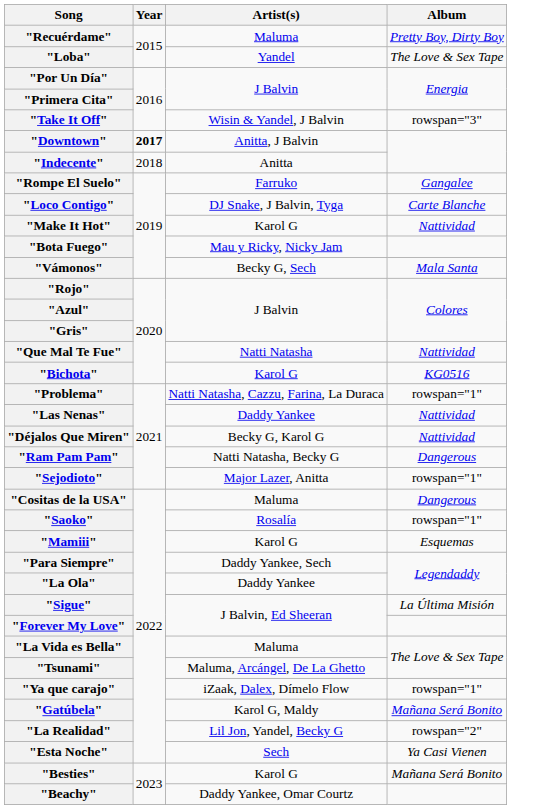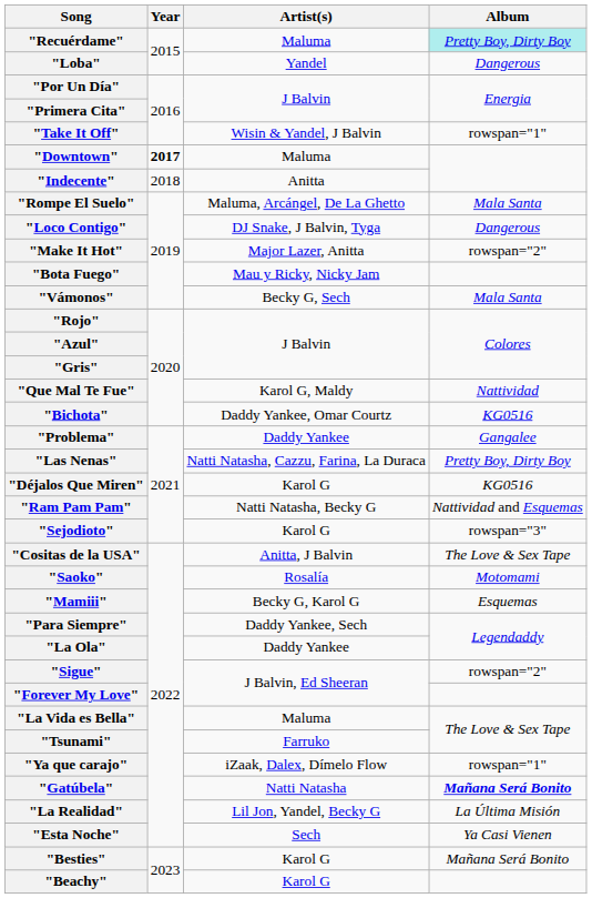 <table class="wikitable plainrowheaders" style="text-align:center;">
 <tr>
 <th scope="col">Song</th>
 <th scope="col">Year</th>
 <th scope="col">Artist(s)</th>
 <th scope="col">Album</th>
 </tr>
 <tr>
 <th scope="row">"Recuérdame"</th>
 <td rowspan="2">2015</td>
 <td><a href='#'>Maluma</a></td>
-<td><em><a href='#'>Pretty Boy, Dirty Boy</a></em></td>
+<td style="background: paleturquoise;"><em><a href='#'>Pretty Boy, Dirty Boy</a></em></td>
 </tr>
 <tr>
 <th scope="row">"Loba"</th>
 <td><a href='#'>Yandel</a></td>
-<td><em>The Love & Sex Tape</em></td>
+<td><em><a href='#'>Dangerous</a></em></td>
 </tr>
 <tr>
 <th scope="row">"Por Un Día"</th>
 <td rowspan="3">2016</td>
 <td rowspan="2"><a href='#'>J Balvin</a></td>
 <td rowspan="2"><em><a href='#'>Energia</a></em></td>
 </tr>
 <tr>
 <th scope="row">"Primera Cita"</th>
 </tr>
 <tr>
 <th scope="row">"<a href='#'>Take It Off</a>"</th>
 <td><a href='#'>Wisin & Yandel</a>, J Balvin</td>
-<td>rowspan="3" </td>
+<td>rowspan="1" </td>
 </tr>
 <tr>
 <th scope="row">"<a href='#'>Downtown</a>"</th>
 <td rowspan="1"><strong>2017</strong></td>
-<td><a href='#'>Anitta</a>, J Balvin</td>
+<td>Maluma</td>
 </tr>
 <tr>
 <th scope="row">"<a href='#'>Indecente</a>"</th>
 <td rowspan="1">2018</td>
 <td>Anitta</td>
 </tr>
 <tr>
 <th scope="row">"Rompe El Suelo"</th>
 <td rowspan="5">2019</td>
-<td><a href='#'>Farruko</a></td>
-<td><em><a href='#'>Gangalee</a></em></td>
+<td>Maluma, <a href='#'>Arcángel</a>, <a href='#'>De La Ghetto</a></td>
+<td><em><a href='#'>Mala Santa</a></em></td>
 </tr>
 <tr>
 <th scope="row">"<a href='#'>Loco Contigo</a>"</th>
 <td><a href='#'>DJ Snake</a>, J Balvin, <a href='#'>Tyga</a></td>
-<td><em><a href='#'>Carte Blanche</a></em></td>
+<td><em><a href='#'>Dangerous</a></em></td>
 </tr>
 <tr>
 <th scope="row">"Make It Hot"</th>
-<td>Karol G</td>
-<td><em><a href='#'>Nattividad</a></em></td>
+<td><a href='#'>Major Lazer</a>, Anitta</td>
+<td>rowspan="2" </td>
 </tr>
 <tr>
 <th scope="row">"Bota Fuego"</th>
 <td><a href='#'>Mau y Ricky</a>, <a href='#'>Nicky Jam</a></td>
 </tr>
 <tr>
 <th scope="row">"Vámonos"</th>
 <td>Becky G, <a href='#'>Sech</a></td>
 <td><em><a href='#'>Mala Santa</a></em></td>
 </tr>
 <tr>
 <th scope="row">"Rojo"</th>
 <td rowspan="5">2020</td>
 <td rowspan="3">J Balvin</td>
 <td rowspan="3"><em><a href='#'>Colores</a></em></td>
 </tr>
 <tr>
 <th scope="row">"Azul"</th>
 </tr>
 <tr>
 <th scope="row">"Gris"</th>
 </tr>
 <tr>
 <th scope="row">"Que Mal Te Fue"</th>
-<td><a href='#'>Natti Natasha</a></td>
+<td>Karol G, Maldy</td>
 <td><em><a href='#'>Nattividad</a></em></td>
 </tr>
 <tr>
 <th scope="row">"<a href='#'>Bichota</a>"</th>
-<td><a href='#'>Karol G</a></td>
+<td>Daddy Yankee, Omar Courtz</td>
 <td><em><a href='#'>KG0516</a></em></td>
 </tr>
 <tr>
 <th scope="row">"Problema"</th>
 <td rowspan="5">2021</td>
-<td><a href='#'>Natti Natasha</a>, <a href='#'>Cazzu</a>, <a href='#'>Farina</a>, La Duraca</td>
-<td>rowspan="1" </td>
+<td><a href='#'>Daddy Yankee</a></td>
+<td><em><a href='#'>Gangalee</a></em></td>
 </tr>
 <tr>
 <th scope="row">"Las Nenas"</th>
-<td><a href='#'>Daddy Yankee</a></td>
-<td rowspan="1"><em><a href='#'>Nattividad</a></em></td>
+<td><a href='#'>Natti Natasha</a>, <a href='#'>Cazzu</a>, <a href='#'>Farina</a>, La Duraca</td>
+<td><em><a href='#'>Pretty Boy, Dirty Boy</a></em></td>
 </tr>
 <tr>
 <th scope="row">"Déjalos Que Miren"</th>
-<td>Becky G, Karol G</td>
-<td rowspan="1"><em><a href='#'>Nattividad</a></em></td>
+<td>Karol G</td>
+<td><em>KG0516</em></td>
 </tr>
 <tr>
 <th scope="row">"<a href='#'>Ram Pam Pam</a>"</th>
 <td>Natti Natasha, Becky G</td>
-<td><em><a href='#'>Dangerous</a></em></td>
+<td rowspan="1"><em>Nattividad</em> and <em><a href='#'>Esquemas</a></em></td>
 </tr>
 <tr>
 <th scope="row">"<a href='#'>Sejodioto</a>"</th>
-<td><a href='#'>Major Lazer</a>, Anitta</td>
-<td>rowspan="1" </td>
+<td>Karol G</td>
+<td>rowspan="3" </td>
 </tr>
 <tr>
 <th scope="row">"Cositas de la USA"</th>
 <td rowspan="13">2022</td>
-<td>Maluma</td>
-<td><em><a href='#'>Dangerous</a></em></td>
+<td><a href='#'>Anitta</a>, J Balvin</td>
+<td><em>The Love & Sex Tape</em></td>
 </tr>
 <tr>
 <th scope="row">"<a href='#'>Saoko</a>"</th>
 <td><a href='#'>Rosalía</a></td>
-<td>rowspan="1" </td>
+<td><em><a href='#'>Motomami</a></em></td>
 </tr>
 <tr>
 <th scope="row">"<a href='#'>Mamiii</a>"</th>
-<td>Karol G</td>
+<td>Becky G, Karol G</td>
 <td><em>Esquemas</em></td>
 </tr>
 <tr>
 <th scope="row">"Para Siempre"</th>
 <td>Daddy Yankee, Sech</td>
 <td rowspan="2"><em><a href='#'>Legendaddy</a></em></td>
 </tr>
 <tr>
 <th scope="row">"La Ola"</th>
 <td>Daddy Yankee</td>
 </tr>
 <tr>
 <th scope="row">"<a href='#'>Sigue</a>"</th>
 <td rowspan="2">J Balvin, <a href='#'>Ed Sheeran</a></td>
-<td><em>La Última Misión</em></td>
+<td>rowspan="2" </td>
 </tr>
 <tr>
 <th scope="row">"<a href='#'>Forever My Love</a>"</th>
 </tr>
 <tr>
 <th scope="row">"La Vida es Bella"</th>
 <td>Maluma</td>
 <td rowspan="2"><em>The Love & Sex Tape</em></td>
 </tr>
 <tr>
 <th scope="row">"Tsunami"</th>
-<td>Maluma, <a href='#'>Arcángel</a>, <a href='#'>De La Ghetto</a></td>
+<td><a href='#'>Farruko</a></td>
 </tr>
 <tr>
 <th scope="row">"Ya que carajo"</th>
 <td>‌iZaak, <a href='#'>Dalex</a>, Dímelo Flow</td>
 <td>rowspan="1" </td>
 </tr>
 <tr>
 <th scope="row">"<a href='#'>Gatúbela</a>"</th>
-<td>Karol G, Maldy</td>
-<td><em><a href='#'>Mañana Será Bonito</a></em></td>
+<td><a href='#'>Natti Natasha</a></td>
+<td><strong><em><a href='#'>Mañana Será Bonito</a></em></strong></td>
 </tr>
 <tr>
 <th scope="row">"La Realidad"</th>
 <td><a href='#'>Lil Jon</a>, Yandel, <a href='#'>Becky G</a></td>
-<td>rowspan="2" </td>
+<td><em>La Última Misión</em></td>
 </tr>
 <tr>
 <th scope="row">"Esta Noche"</th>
 <td><a href='#'>Sech</a></td>
 <td><em>Ya Casi Vienen</em></td>
 </tr>
 <tr>
 <th scope="row">"Besties"</th>
 <td rowspan="2">2023</td>
 <td>Karol G</td>
 <td><em>Mañana Será Bonito</em></td>
 </tr>
 <tr>
 <th scope="row">"Beachy"</th>
-<td>Daddy Yankee, Omar Courtz</td>
+<td><a href='#'>Karol G</a></td>
 <td></td>
 </tr>
 </table>
